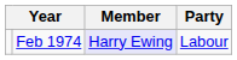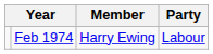 <table class="wikitable">
 <tr>
 <th colspan="2">Year</th>
 <th>Member</th>
 <th>Party</th>
 </tr>
 <tr>
 <td style="color:inherit;background-color: "></td>
 <td><a href='#'>Feb 1974</a></td>
-<td style="background: lavender;"><a href='#'>Harry Ewing</a></td>
+<td><a href='#'>Harry Ewing</a></td>
 <td><a href='#'>Labour</a></td>
 </tr>
 </table>
